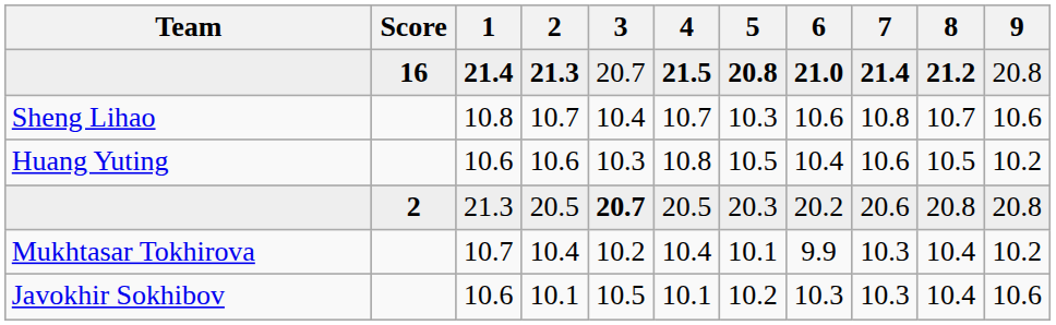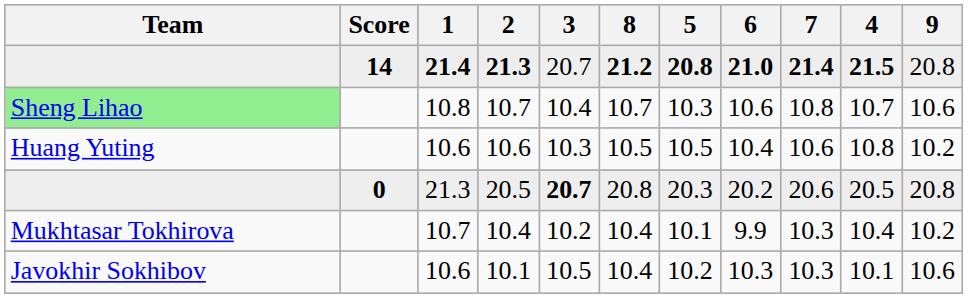 <table class="wikitable" style="text-align:center">
 <tr>
 <th width=200>Team</th>
 <th width=40>Score</th>
 <th width=30>1</th>
 <th width=30>2</th>
 <th width=30>3</th>
-<th width=30>4</th>
+<th width=30>8</th>
 <th width=30>5</th>
 <th width=30>6</th>
 <th width=30>7</th>
-<th width=30>8</th>
+<th width=30>4</th>
 <th width=30>9</th>
 </tr>
 <tr bgcolor=eeeeee>
 <td align=left></td>
-<td><strong>16</strong></td>
+<td><strong>14</strong></td>
 <td><strong>21.4</strong></td>
 <td><strong>21.3</strong></td>
 <td>20.7</td>
-<td><strong>21.5</strong></td>
+<td><strong>21.2</strong></td>
 <td><strong>20.8</strong></td>
 <td><strong>21.0</strong></td>
 <td><strong>21.4</strong></td>
-<td><strong>21.2</strong></td>
+<td><strong>21.5</strong></td>
 <td>20.8</td>
 </tr>
 <tr>
-<td align=left><a href='#'>Sheng Lihao</a></td>
+<td align=left style="background: lightgreen;"><a href='#'>Sheng Lihao</a></td>
 <td></td>
 <td>10.8</td>
 <td>10.7</td>
 <td>10.4</td>
 <td>10.7</td>
 <td>10.3</td>
 <td>10.6</td>
 <td>10.8</td>
 <td>10.7</td>
 <td>10.6</td>
 </tr>
 <tr>
 <td align=left><a href='#'>Huang Yuting</a></td>
 <td></td>
 <td>10.6</td>
 <td>10.6</td>
 <td>10.3</td>
-<td>10.8</td>
+<td>10.5</td>
 <td>10.5</td>
 <td>10.4</td>
 <td>10.6</td>
-<td>10.5</td>
+<td>10.8</td>
 <td>10.2</td>
 </tr>
 <tr bgcolor=eeeeee>
 <td align=left></td>
-<td><strong>2</strong></td>
+<td><strong>0</strong></td>
 <td>21.3</td>
 <td>20.5</td>
 <td><strong>20.7</strong></td>
-<td>20.5</td>
+<td>20.8</td>
 <td>20.3</td>
 <td>20.2</td>
 <td>20.6</td>
-<td>20.8</td>
+<td>20.5</td>
 <td>20.8</td>
 </tr>
 <tr>
 <td align=left><a href='#'>Mukhtasar Tokhirova</a></td>
 <td></td>
 <td>10.7</td>
 <td>10.4</td>
 <td>10.2</td>
 <td>10.4</td>
 <td>10.1</td>
 <td>9.9</td>
 <td>10.3</td>
 <td>10.4</td>
 <td>10.2</td>
 </tr>
 <tr>
 <td align=left><a href='#'>Javokhir Sokhibov</a></td>
 <td></td>
 <td>10.6</td>
 <td>10.1</td>
 <td>10.5</td>
-<td>10.1</td>
+<td>10.4</td>
 <td>10.2</td>
 <td>10.3</td>
 <td>10.3</td>
-<td>10.4</td>
+<td>10.1</td>
 <td>10.6</td>
 </tr>
 </table>
